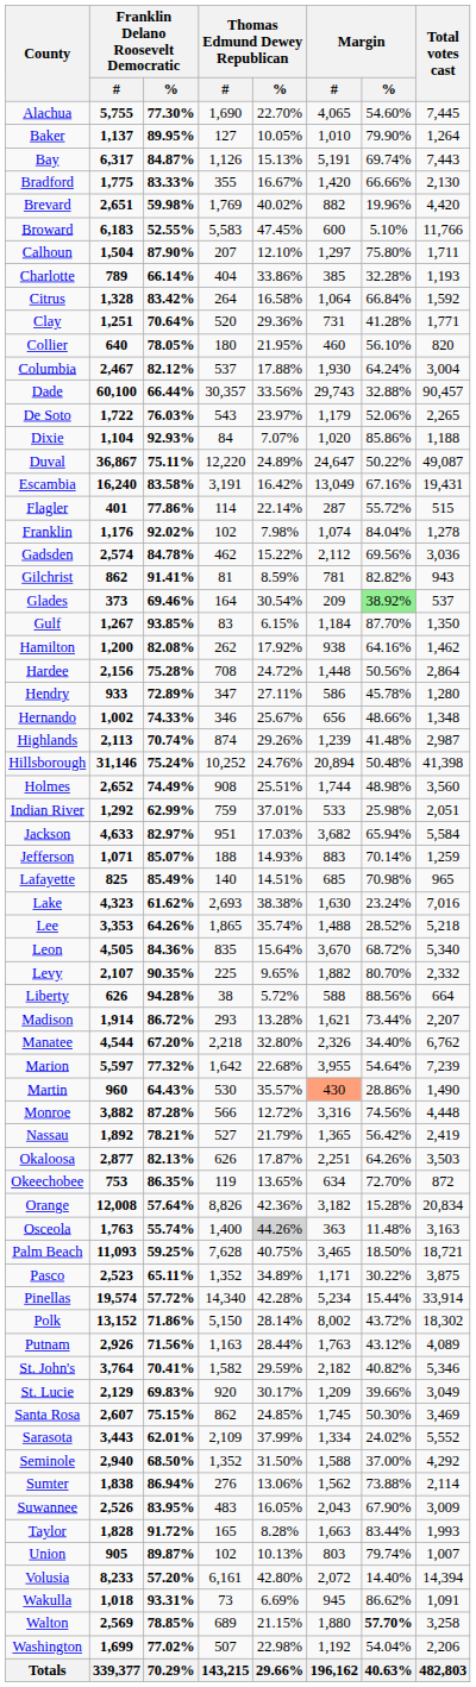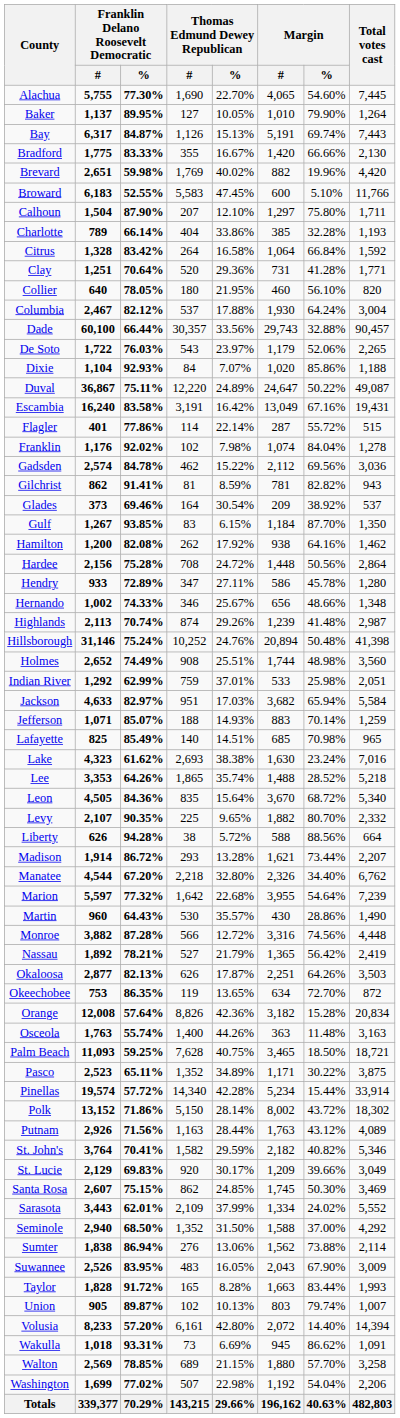 <table width="60%"  class="wikitable sortable" style="text-align:center">
 <tr>
 <th colspan="1" rowspan="2">County</th>
 <th style="text-align:center;" colspan="2">Franklin Delano Roosevelt<br>Democratic</th>
 <th style="text-align:center;" colspan="2">Thomas Edmund Dewey<br>Republican</th>
 <th style="text-align:center;" colspan="2">Margin</th>
 <th colspan="1" rowspan="2" style="text-align:center;">Total votes cast</th>
 </tr>
 <tr>
 <th style="text-align:center;" data-sort-type="number">#</th>
 <th style="text-align:center;" data-sort-type="number">%</th>
 <th style="text-align:center;" data-sort-type="number">#</th>
 <th style="text-align:center;" data-sort-type="number">%</th>
 <th style="text-align:center;" data-sort-type="number">#</th>
 <th style="text-align:center;" data-sort-type="number">%</th>
 </tr>
 <tr style="text-align:center;">
 <td><a href='#'>Alachua</a></td>
 <td><strong>5,755</strong></td>
 <td><strong>77.30%</strong></td>
 <td>1,690</td>
 <td>22.70%</td>
 <td>4,065</td>
 <td>54.60%</td>
 <td>7,445</td>
 </tr>
 <tr style="text-align:center;">
 <td><a href='#'>Baker</a></td>
 <td><strong>1,137</strong></td>
 <td><strong>89.95%</strong></td>
 <td>127</td>
 <td>10.05%</td>
 <td>1,010</td>
 <td>79.90%</td>
 <td>1,264</td>
 </tr>
 <tr style="text-align:center;">
 <td><a href='#'>Bay</a></td>
 <td><strong>6,317</strong></td>
 <td><strong>84.87%</strong></td>
 <td>1,126</td>
 <td>15.13%</td>
 <td>5,191</td>
 <td>69.74%</td>
 <td>7,443</td>
 </tr>
 <tr style="text-align:center;">
 <td><a href='#'>Bradford</a></td>
 <td><strong>1,775</strong></td>
 <td><strong>83.33%</strong></td>
 <td>355</td>
 <td>16.67%</td>
 <td>1,420</td>
 <td>66.66%</td>
 <td>2,130</td>
 </tr>
 <tr style="text-align:center;">
 <td><a href='#'>Brevard</a></td>
 <td><strong>2,651</strong></td>
 <td><strong>59.98%</strong></td>
 <td>1,769</td>
 <td>40.02%</td>
 <td>882</td>
 <td>19.96%</td>
 <td>4,420</td>
 </tr>
 <tr style="text-align:center;">
 <td><a href='#'>Broward</a></td>
 <td><strong>6,183</strong></td>
 <td><strong>52.55%</strong></td>
 <td>5,583</td>
 <td>47.45%</td>
 <td>600</td>
 <td>5.10%</td>
 <td>11,766</td>
 </tr>
 <tr style="text-align:center;">
 <td><a href='#'>Calhoun</a></td>
 <td><strong>1,504</strong></td>
 <td><strong>87.90%</strong></td>
 <td>207</td>
 <td>12.10%</td>
 <td>1,297</td>
 <td>75.80%</td>
 <td>1,711</td>
 </tr>
 <tr style="text-align:center;">
 <td><a href='#'>Charlotte</a></td>
 <td><strong>789</strong></td>
 <td><strong>66.14%</strong></td>
 <td>404</td>
 <td>33.86%</td>
 <td>385</td>
 <td>32.28%</td>
 <td>1,193</td>
 </tr>
 <tr style="text-align:center;">
 <td><a href='#'>Citrus</a></td>
 <td><strong>1,328</strong></td>
 <td><strong>83.42%</strong></td>
 <td>264</td>
 <td>16.58%</td>
 <td>1,064</td>
 <td>66.84%</td>
 <td>1,592</td>
 </tr>
 <tr style="text-align:center;">
 <td><a href='#'>Clay</a></td>
 <td><strong>1,251</strong></td>
 <td><strong>70.64%</strong></td>
 <td>520</td>
 <td>29.36%</td>
 <td>731</td>
 <td>41.28%</td>
 <td>1,771</td>
 </tr>
 <tr style="text-align:center;">
 <td><a href='#'>Collier</a></td>
 <td><strong>640</strong></td>
 <td><strong>78.05%</strong></td>
 <td>180</td>
 <td>21.95%</td>
 <td>460</td>
 <td>56.10%</td>
 <td>820</td>
 </tr>
 <tr style="text-align:center;">
 <td><a href='#'>Columbia</a></td>
 <td><strong>2,467</strong></td>
 <td><strong>82.12%</strong></td>
 <td>537</td>
 <td>17.88%</td>
 <td>1,930</td>
 <td>64.24%</td>
 <td>3,004</td>
 </tr>
 <tr style="text-align:center;">
 <td><a href='#'>Dade</a></td>
 <td><strong>60,100</strong></td>
 <td><strong>66.44%</strong></td>
 <td>30,357</td>
 <td>33.56%</td>
 <td>29,743</td>
 <td>32.88%</td>
 <td>90,457</td>
 </tr>
 <tr style="text-align:center;">
 <td><a href='#'>De Soto</a></td>
 <td><strong>1,722</strong></td>
 <td><strong>76.03%</strong></td>
 <td>543</td>
 <td>23.97%</td>
 <td>1,179</td>
 <td>52.06%</td>
 <td>2,265</td>
 </tr>
 <tr style="text-align:center;">
 <td><a href='#'>Dixie</a></td>
 <td><strong>1,104</strong></td>
 <td><strong>92.93%</strong></td>
 <td>84</td>
 <td>7.07%</td>
 <td>1,020</td>
 <td>85.86%</td>
 <td>1,188</td>
 </tr>
 <tr style="text-align:center;">
 <td><a href='#'>Duval</a></td>
 <td><strong>36,867</strong></td>
 <td><strong>75.11%</strong></td>
 <td>12,220</td>
 <td>24.89%</td>
 <td>24,647</td>
 <td>50.22%</td>
 <td>49,087</td>
 </tr>
 <tr style="text-align:center;">
 <td><a href='#'>Escambia</a></td>
 <td><strong>16,240</strong></td>
 <td><strong>83.58%</strong></td>
 <td>3,191</td>
 <td>16.42%</td>
 <td>13,049</td>
 <td>67.16%</td>
 <td>19,431</td>
 </tr>
 <tr style="text-align:center;">
 <td><a href='#'>Flagler</a></td>
 <td><strong>401</strong></td>
 <td><strong>77.86%</strong></td>
 <td>114</td>
 <td>22.14%</td>
 <td>287</td>
 <td>55.72%</td>
 <td>515</td>
 </tr>
 <tr style="text-align:center;">
 <td><a href='#'>Franklin</a></td>
 <td><strong>1,176</strong></td>
 <td><strong>92.02%</strong></td>
 <td>102</td>
 <td>7.98%</td>
 <td>1,074</td>
 <td>84.04%</td>
 <td>1,278</td>
 </tr>
 <tr style="text-align:center;">
 <td><a href='#'>Gadsden</a></td>
 <td><strong>2,574</strong></td>
 <td><strong>84.78%</strong></td>
 <td>462</td>
 <td>15.22%</td>
 <td>2,112</td>
 <td>69.56%</td>
 <td>3,036</td>
 </tr>
 <tr style="text-align:center;">
 <td><a href='#'>Gilchrist</a></td>
 <td><strong>862</strong></td>
 <td><strong>91.41%</strong></td>
 <td>81</td>
 <td>8.59%</td>
 <td>781</td>
 <td>82.82%</td>
 <td>943</td>
 </tr>
 <tr style="text-align:center;">
 <td><a href='#'>Glades</a></td>
 <td><strong>373</strong></td>
 <td><strong>69.46%</strong></td>
 <td>164</td>
 <td>30.54%</td>
 <td>209</td>
-<td style="background: lightgreen;">38.92%</td>
+<td>38.92%</td>
 <td>537</td>
 </tr>
 <tr style="text-align:center;">
 <td><a href='#'>Gulf</a></td>
 <td><strong>1,267</strong></td>
 <td><strong>93.85%</strong></td>
 <td>83</td>
 <td>6.15%</td>
 <td>1,184</td>
 <td>87.70%</td>
 <td>1,350</td>
 </tr>
 <tr style="text-align:center;">
 <td><a href='#'>Hamilton</a></td>
 <td><strong>1,200</strong></td>
 <td><strong>82.08%</strong></td>
 <td>262</td>
 <td>17.92%</td>
 <td>938</td>
 <td>64.16%</td>
 <td>1,462</td>
 </tr>
 <tr style="text-align:center;">
 <td><a href='#'>Hardee</a></td>
 <td><strong>2,156</strong></td>
 <td><strong>75.28%</strong></td>
 <td>708</td>
 <td>24.72%</td>
 <td>1,448</td>
 <td>50.56%</td>
 <td>2,864</td>
 </tr>
 <tr style="text-align:center;">
 <td><a href='#'>Hendry</a></td>
 <td><strong>933</strong></td>
 <td><strong>72.89%</strong></td>
 <td>347</td>
 <td>27.11%</td>
 <td>586</td>
 <td>45.78%</td>
 <td>1,280</td>
 </tr>
 <tr style="text-align:center;">
 <td><a href='#'>Hernando</a></td>
 <td><strong>1,002</strong></td>
 <td><strong>74.33%</strong></td>
 <td>346</td>
 <td>25.67%</td>
 <td>656</td>
 <td>48.66%</td>
 <td>1,348</td>
 </tr>
 <tr style="text-align:center;">
 <td><a href='#'>Highlands</a></td>
 <td><strong>2,113</strong></td>
 <td><strong>70.74%</strong></td>
 <td>874</td>
 <td>29.26%</td>
 <td>1,239</td>
 <td>41.48%</td>
 <td>2,987</td>
 </tr>
 <tr style="text-align:center;">
 <td><a href='#'>Hillsborough</a></td>
 <td><strong>31,146</strong></td>
 <td><strong>75.24%</strong></td>
 <td>10,252</td>
 <td>24.76%</td>
 <td>20,894</td>
 <td>50.48%</td>
 <td>41,398</td>
 </tr>
 <tr style="text-align:center;">
 <td><a href='#'>Holmes</a></td>
 <td><strong>2,652</strong></td>
 <td><strong>74.49%</strong></td>
 <td>908</td>
 <td>25.51%</td>
 <td>1,744</td>
 <td>48.98%</td>
 <td>3,560</td>
 </tr>
 <tr style="text-align:center;">
 <td><a href='#'>Indian River</a></td>
 <td><strong>1,292</strong></td>
 <td><strong>62.99%</strong></td>
 <td>759</td>
 <td>37.01%</td>
 <td>533</td>
 <td>25.98%</td>
 <td>2,051</td>
 </tr>
 <tr style="text-align:center;">
 <td><a href='#'>Jackson</a></td>
 <td><strong>4,633</strong></td>
 <td><strong>82.97%</strong></td>
 <td>951</td>
 <td>17.03%</td>
 <td>3,682</td>
 <td>65.94%</td>
 <td>5,584</td>
 </tr>
 <tr style="text-align:center;">
 <td><a href='#'>Jefferson</a></td>
 <td><strong>1,071</strong></td>
 <td><strong>85.07%</strong></td>
 <td>188</td>
 <td>14.93%</td>
 <td>883</td>
 <td>70.14%</td>
 <td>1,259</td>
 </tr>
 <tr style="text-align:center;">
 <td><a href='#'>Lafayette</a></td>
 <td><strong>825</strong></td>
 <td><strong>85.49%</strong></td>
 <td>140</td>
 <td>14.51%</td>
 <td>685</td>
 <td>70.98%</td>
 <td>965</td>
 </tr>
 <tr style="text-align:center;">
 <td><a href='#'>Lake</a></td>
 <td><strong>4,323</strong></td>
 <td><strong>61.62%</strong></td>
 <td>2,693</td>
 <td>38.38%</td>
 <td>1,630</td>
 <td>23.24%</td>
 <td>7,016</td>
 </tr>
 <tr style="text-align:center;">
 <td><a href='#'>Lee</a></td>
 <td><strong>3,353</strong></td>
 <td><strong>64.26%</strong></td>
 <td>1,865</td>
 <td>35.74%</td>
 <td>1,488</td>
 <td>28.52%</td>
 <td>5,218</td>
 </tr>
 <tr style="text-align:center;">
 <td><a href='#'>Leon</a></td>
 <td><strong>4,505</strong></td>
 <td><strong>84.36%</strong></td>
 <td>835</td>
 <td>15.64%</td>
 <td>3,670</td>
 <td>68.72%</td>
 <td>5,340</td>
 </tr>
 <tr style="text-align:center;">
 <td><a href='#'>Levy</a></td>
 <td><strong>2,107</strong></td>
 <td><strong>90.35%</strong></td>
 <td>225</td>
 <td>9.65%</td>
 <td>1,882</td>
 <td>80.70%</td>
 <td>2,332</td>
 </tr>
 <tr style="text-align:center;">
 <td><a href='#'>Liberty</a></td>
 <td><strong>626</strong></td>
 <td><strong>94.28%</strong></td>
 <td>38</td>
 <td>5.72%</td>
 <td>588</td>
 <td>88.56%</td>
 <td>664</td>
 </tr>
 <tr style="text-align:center;">
 <td><a href='#'>Madison</a></td>
 <td><strong>1,914</strong></td>
 <td><strong>86.72%</strong></td>
 <td>293</td>
 <td>13.28%</td>
 <td>1,621</td>
 <td>73.44%</td>
 <td>2,207</td>
 </tr>
 <tr style="text-align:center;">
 <td><a href='#'>Manatee</a></td>
 <td><strong>4,544</strong></td>
 <td><strong>67.20%</strong></td>
 <td>2,218</td>
 <td>32.80%</td>
 <td>2,326</td>
 <td>34.40%</td>
 <td>6,762</td>
 </tr>
 <tr style="text-align:center;">
 <td><a href='#'>Marion</a></td>
 <td><strong>5,597</strong></td>
 <td><strong>77.32%</strong></td>
 <td>1,642</td>
 <td>22.68%</td>
 <td>3,955</td>
 <td>54.64%</td>
 <td>7,239</td>
 </tr>
 <tr style="text-align:center;">
 <td><a href='#'>Martin</a></td>
 <td><strong>960</strong></td>
 <td><strong>64.43%</strong></td>
 <td>530</td>
 <td>35.57%</td>
-<td style="background: lightsalmon;">430</td>
+<td>430</td>
 <td>28.86%</td>
 <td>1,490</td>
 </tr>
 <tr style="text-align:center;">
 <td><a href='#'>Monroe</a></td>
 <td><strong>3,882</strong></td>
 <td><strong>87.28%</strong></td>
 <td>566</td>
 <td>12.72%</td>
 <td>3,316</td>
 <td>74.56%</td>
 <td>4,448</td>
 </tr>
 <tr style="text-align:center;">
 <td><a href='#'>Nassau</a></td>
 <td><strong>1,892</strong></td>
 <td><strong>78.21%</strong></td>
 <td>527</td>
 <td>21.79%</td>
 <td>1,365</td>
 <td>56.42%</td>
 <td>2,419</td>
 </tr>
 <tr style="text-align:center;">
 <td><a href='#'>Okaloosa</a></td>
 <td><strong>2,877</strong></td>
 <td><strong>82.13%</strong></td>
 <td>626</td>
 <td>17.87%</td>
 <td>2,251</td>
 <td>64.26%</td>
 <td>3,503</td>
 </tr>
 <tr style="text-align:center;">
 <td><a href='#'>Okeechobee</a></td>
 <td><strong>753</strong></td>
 <td><strong>86.35%</strong></td>
 <td>119</td>
 <td>13.65%</td>
 <td>634</td>
 <td>72.70%</td>
 <td>872</td>
 </tr>
 <tr style="text-align:center;">
 <td><a href='#'>Orange</a></td>
 <td><strong>12,008</strong></td>
 <td><strong>57.64%</strong></td>
 <td>8,826</td>
 <td>42.36%</td>
 <td>3,182</td>
 <td>15.28%</td>
 <td>20,834</td>
 </tr>
 <tr style="text-align:center;">
 <td><a href='#'>Osceola</a></td>
 <td><strong>1,763</strong></td>
 <td><strong>55.74%</strong></td>
 <td>1,400</td>
-<td style="background: lightgrey;">44.26%</td>
+<td>44.26%</td>
 <td>363</td>
 <td>11.48%</td>
 <td>3,163</td>
 </tr>
 <tr style="text-align:center;">
 <td><a href='#'>Palm Beach</a></td>
 <td><strong>11,093</strong></td>
 <td><strong>59.25%</strong></td>
 <td>7,628</td>
 <td>40.75%</td>
 <td>3,465</td>
 <td>18.50%</td>
 <td>18,721</td>
 </tr>
 <tr style="text-align:center;">
 <td><a href='#'>Pasco</a></td>
 <td><strong>2,523</strong></td>
 <td><strong>65.11%</strong></td>
 <td>1,352</td>
 <td>34.89%</td>
 <td>1,171</td>
 <td>30.22%</td>
 <td>3,875</td>
 </tr>
 <tr style="text-align:center;">
 <td><a href='#'>Pinellas</a></td>
 <td><strong>19,574</strong></td>
 <td><strong>57.72%</strong></td>
 <td>14,340</td>
 <td>42.28%</td>
 <td>5,234</td>
 <td>15.44%</td>
 <td>33,914</td>
 </tr>
 <tr style="text-align:center;">
 <td><a href='#'>Polk</a></td>
 <td><strong>13,152</strong></td>
 <td><strong>71.86%</strong></td>
 <td>5,150</td>
 <td>28.14%</td>
 <td>8,002</td>
 <td>43.72%</td>
 <td>18,302</td>
 </tr>
 <tr style="text-align:center;">
 <td><a href='#'>Putnam</a></td>
 <td><strong>2,926</strong></td>
 <td><strong>71.56%</strong></td>
 <td>1,163</td>
 <td>28.44%</td>
 <td>1,763</td>
 <td>43.12%</td>
 <td>4,089</td>
 </tr>
 <tr style="text-align:center;">
 <td><a href='#'>St. John's</a></td>
 <td><strong>3,764</strong></td>
 <td><strong>70.41%</strong></td>
 <td>1,582</td>
 <td>29.59%</td>
 <td>2,182</td>
 <td>40.82%</td>
 <td>5,346</td>
 </tr>
 <tr style="text-align:center;">
 <td><a href='#'>St. Lucie</a></td>
 <td><strong>2,129</strong></td>
 <td><strong>69.83%</strong></td>
 <td>920</td>
 <td>30.17%</td>
 <td>1,209</td>
 <td>39.66%</td>
 <td>3,049</td>
 </tr>
 <tr style="text-align:center;">
 <td><a href='#'>Santa Rosa</a></td>
 <td><strong>2,607</strong></td>
 <td><strong>75.15%</strong></td>
 <td>862</td>
 <td>24.85%</td>
 <td>1,745</td>
 <td>50.30%</td>
 <td>3,469</td>
 </tr>
 <tr style="text-align:center;">
 <td><a href='#'>Sarasota</a></td>
 <td><strong>3,443</strong></td>
 <td><strong>62.01%</strong></td>
 <td>2,109</td>
 <td>37.99%</td>
 <td>1,334</td>
 <td>24.02%</td>
 <td>5,552</td>
 </tr>
 <tr style="text-align:center;">
 <td><a href='#'>Seminole</a></td>
 <td><strong>2,940</strong></td>
 <td><strong>68.50%</strong></td>
 <td>1,352</td>
 <td>31.50%</td>
 <td>1,588</td>
 <td>37.00%</td>
 <td>4,292</td>
 </tr>
 <tr style="text-align:center;">
 <td><a href='#'>Sumter</a></td>
 <td><strong>1,838</strong></td>
 <td><strong>86.94%</strong></td>
 <td>276</td>
 <td>13.06%</td>
 <td>1,562</td>
 <td>73.88%</td>
 <td>2,114</td>
 </tr>
 <tr style="text-align:center;">
 <td><a href='#'>Suwannee</a></td>
 <td><strong>2,526</strong></td>
 <td><strong>83.95%</strong></td>
 <td>483</td>
 <td>16.05%</td>
 <td>2,043</td>
 <td>67.90%</td>
 <td>3,009</td>
 </tr>
 <tr style="text-align:center;">
 <td><a href='#'>Taylor</a></td>
 <td><strong>1,828</strong></td>
 <td><strong>91.72%</strong></td>
 <td>165</td>
 <td>8.28%</td>
 <td>1,663</td>
 <td>83.44%</td>
 <td>1,993</td>
 </tr>
 <tr style="text-align:center;">
 <td><a href='#'>Union</a></td>
 <td><strong>905</strong></td>
 <td><strong>89.87%</strong></td>
 <td>102</td>
 <td>10.13%</td>
 <td>803</td>
 <td>79.74%</td>
 <td>1,007</td>
 </tr>
 <tr style="text-align:center;">
 <td><a href='#'>Volusia</a></td>
 <td><strong>8,233</strong></td>
 <td><strong>57.20%</strong></td>
 <td>6,161</td>
 <td>42.80%</td>
 <td>2,072</td>
 <td>14.40%</td>
 <td>14,394</td>
 </tr>
 <tr style="text-align:center;">
 <td><a href='#'>Wakulla</a></td>
 <td><strong>1,018</strong></td>
 <td><strong>93.31%</strong></td>
 <td>73</td>
 <td>6.69%</td>
 <td>945</td>
 <td>86.62%</td>
 <td>1,091</td>
 </tr>
 <tr style="text-align:center;">
 <td><a href='#'>Walton</a></td>
 <td><strong>2,569</strong></td>
 <td><strong>78.85%</strong></td>
 <td>689</td>
 <td>21.15%</td>
 <td>1,880</td>
-<td><strong>57.70%</strong></td>
+<td>57.70%</td>
 <td>3,258</td>
 </tr>
 <tr style="text-align:center;">
 <td><a href='#'>Washington</a></td>
 <td><strong>1,699</strong></td>
 <td><strong>77.02%</strong></td>
 <td>507</td>
 <td>22.98%</td>
 <td>1,192</td>
 <td>54.04%</td>
 <td>2,206</td>
 </tr>
 <tr style="text-align:center;">
 <th>Totals</th>
 <th>339,377</th>
 <th>70.29%</th>
 <th>143,215</th>
 <th>29.66%</th>
 <th>196,162</th>
 <th>40.63%</th>
 <th>482,803</th>
 </tr>
 </table>
